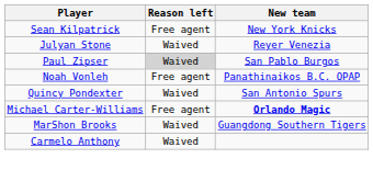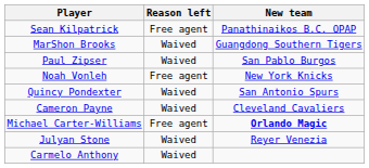 <table class="wikitable sortable sortable" style="text-align: center">
 <tr>
 <th>Player</th>
 <th>Reason left</th>
 <th>New team</th>
 </tr>
 <tr>
 <td><a href='#'>Sean Kilpatrick</a></td>
 <td>Free agent</td>
+<td> <a href='#'>Panathinaikos B.C. OPAP</a></td>
+</tr>
+<tr>
+<td><a href='#'>MarShon Brooks</a></td>
+<td>Waived</td>
+<td> <a href='#'>Guangdong Southern Tigers</a></td>
+</tr>
+<tr>
+<td><a href='#'>Paul Zipser</a></td>
+<td>Waived</td>
+<td> <a href='#'>San Pablo Burgos</a></td>
+</tr>
+<tr>
+<td><a href='#'>Noah Vonleh</a></td>
+<td>Free agent</td>
 <td><a href='#'>New York Knicks</a></td>
+</tr>
+<tr>
+<td><a href='#'>Quincy Pondexter</a></td>
+<td>Waived</td>
+<td><a href='#'>San Antonio Spurs</a></td>
+</tr>
+<tr>
+<td><a href='#'>Cameron Payne</a></td>
+<td>Waived</td>
+<td><a href='#'>Cleveland Cavaliers</a></td>
+</tr>
+<tr>
+<td><a href='#'>Michael Carter-Williams</a></td>
+<td>Free agent</td>
+<td><strong><a href='#'>Orlando Magic</a></strong></td>
 </tr>
 <tr>
 <td><a href='#'>Julyan Stone</a></td>
 <td>Waived</td>
 <td> <a href='#'>Reyer Venezia</a></td>
 </tr>
 <tr>
-<td><a href='#'>Paul Zipser</a></td>
-<td style="background: lightgrey;">Waived</td>
-<td> <a href='#'>San Pablo Burgos</a></td>
-</tr>
-<tr>
-<td><a href='#'>Noah Vonleh</a></td>
-<td>Free agent</td>
-<td> <a href='#'>Panathinaikos B.C. OPAP</a></td>
-</tr>
-<tr>
-<td><a href='#'>Quincy Pondexter</a></td>
-<td>Waived</td>
-<td><a href='#'>San Antonio Spurs</a></td>
-</tr>
-<tr>
-<td><a href='#'>Michael Carter-Williams</a></td>
-<td>Free agent</td>
-<td><strong><a href='#'>Orlando Magic</a></strong></td>
-</tr>
-<tr>
-<td><a href='#'>MarShon Brooks</a></td>
-<td>Waived</td>
-<td> <a href='#'>Guangdong Southern Tigers</a></td>
-</tr>
-<tr>
 <td><a href='#'>Carmelo Anthony</a></td>
 <td>Waived</td>
 <td></td>
 </tr>
 </table>
